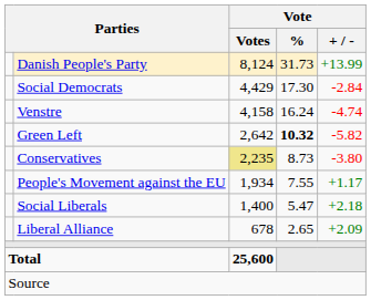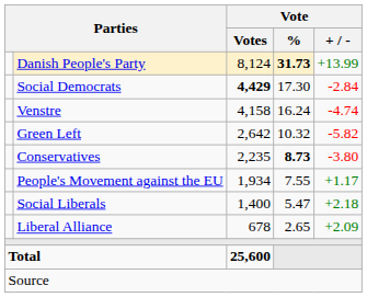 <table class="wikitable" style="text-align:right;">
 <tr>
 <th style="text-align:centre;" rowspan="2" colspan="2" width="225">Parties</th>
 <th colspan="3">Vote</th>
 </tr>
 <tr>
 <th width="15">Votes</th>
 <th width="15">%</th>
 <th width="15">+ / -</th>
 </tr>
 <tr>
 <td width="2" style="color:inherit;background:"></td>
 <td bgcolor=#fef2cc   align="left"><a href='#'>Danish People's Party</a></td>
 <td bgcolor=#fef2cc>8,124</td>
-<td bgcolor=#fef2cc>31.73</td>
+<td bgcolor=#fef2cc><strong>31.73</strong></td>
 <td style=color:green;>+13.99</td>
 </tr>
 <tr>
 <td width="2" style="color:inherit;background:"></td>
 <td align="left"><a href='#'>Social Democrats</a></td>
-<td>4,429</td>
+<td><strong>4,429</strong></td>
 <td>17.30</td>
 <td style=color:red;>-2.84</td>
 </tr>
 <tr>
 <td width="2" style="color:inherit;background:"></td>
 <td align="left"><a href='#'>Venstre</a></td>
 <td>4,158</td>
 <td>16.24</td>
 <td style=color:red;>-4.74</td>
 </tr>
 <tr>
 <td width="2" style="color:inherit;background:"></td>
 <td align="left"><a href='#'>Green Left</a></td>
 <td>2,642</td>
-<td><strong>10.32</strong></td>
+<td>10.32</td>
 <td style=color:red;>-5.82</td>
 </tr>
 <tr>
 <td width="2" style="color:inherit;background:"></td>
 <td align="left"><a href='#'>Conservatives</a></td>
-<td style="background: khaki;">2,235</td>
-<td>8.73</td>
+<td>2,235</td>
+<td><strong>8.73</strong></td>
 <td style=color:red;>-3.80</td>
 </tr>
 <tr>
 <td width="2" style="color:inherit;background:"></td>
 <td align="left"><a href='#'>People's Movement against the EU</a></td>
 <td>1,934</td>
 <td>7.55</td>
 <td style=color:green;>+1.17</td>
 </tr>
 <tr>
 <td width="2" style="color:inherit;background:"></td>
 <td align="left"><a href='#'>Social Liberals</a></td>
 <td>1,400</td>
 <td>5.47</td>
 <td style=color:green;>+2.18</td>
 </tr>
 <tr>
 <td width="2" style="color:inherit;background:"></td>
 <td align="left"><a href='#'>Liberal Alliance</a></td>
 <td>678</td>
 <td>2.65</td>
 <td style=color:green;>+2.09</td>
 </tr>
 <tr>
 <td colspan="7" bgcolor="#E9E9E9"></td>
 </tr>
 <tr>
 <td align="left" colspan="2"><strong>Total</strong></td>
 <td><strong>25,600</strong></td>
 <td bgcolor="#E9E9E9" colspan="2"></td>
 </tr>
 <tr>
 <td align="left" colspan="6">Source</td>
 </tr>
 </table>
